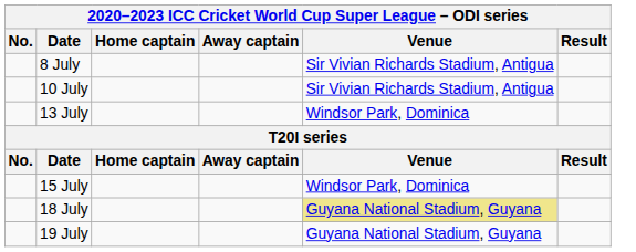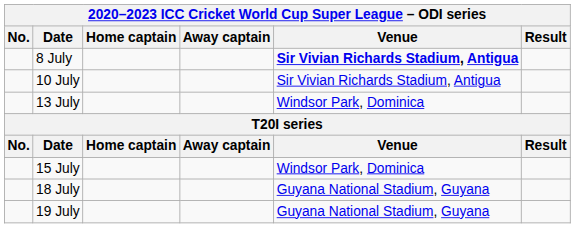 <table class="wikitable">
 <tr>
 <th colspan="9"><a href='#'>2020–2023 ICC Cricket World Cup Super League</a> – ODI series</th>
 </tr>
 <tr>
 <th>No.</th>
 <th>Date</th>
 <th>Home captain</th>
 <th>Away captain</th>
 <th>Venue</th>
 <th>Result</th>
 </tr>
 <tr>
 <td></td>
 <td>8 July</td>
 <td></td>
 <td></td>
-<td><a href='#'>Sir Vivian Richards Stadium</a>, <a href='#'>Antigua</a></td>
+<td><strong><a href='#'>Sir Vivian Richards Stadium</a>, <a href='#'>Antigua</a></strong></td>
 <td></td>
 </tr>
 <tr>
 <td></td>
 <td>10 July</td>
 <td></td>
 <td></td>
 <td><a href='#'>Sir Vivian Richards Stadium</a>, <a href='#'>Antigua</a></td>
 <td></td>
 </tr>
 <tr>
 <td></td>
 <td>13 July</td>
 <td></td>
 <td></td>
 <td><a href='#'>Windsor Park</a>, <a href='#'>Dominica</a></td>
 <td></td>
 </tr>
 <tr>
 <th colspan="9">T20I series</th>
 </tr>
 <tr>
 <th>No.</th>
 <th>Date</th>
 <th>Home captain</th>
 <th>Away captain</th>
 <th>Venue</th>
 <th>Result</th>
 </tr>
 <tr>
 <td></td>
 <td>15 July</td>
 <td></td>
 <td></td>
 <td><a href='#'>Windsor Park</a>, <a href='#'>Dominica</a></td>
 <td></td>
 </tr>
 <tr>
 <td></td>
 <td>18 July</td>
 <td></td>
 <td></td>
-<td style="background: khaki;"><a href='#'>Guyana National Stadium</a>, <a href='#'>Guyana</a></td>
+<td><a href='#'>Guyana National Stadium</a>, <a href='#'>Guyana</a></td>
 <td></td>
 </tr>
 <tr>
 <td></td>
 <td>19 July</td>
 <td></td>
 <td></td>
 <td><a href='#'>Guyana National Stadium</a>, <a href='#'>Guyana</a></td>
 <td></td>
 </tr>
 </table>
